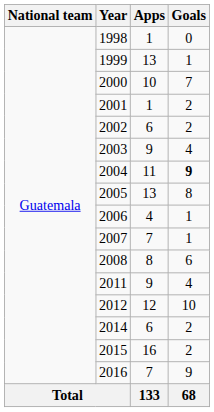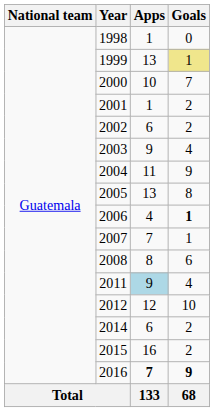 <table class=wikitable style="text-align: center">
 <tr>
 <th>National team</th>
 <th>Year</th>
 <th>Apps</th>
 <th>Goals</th>
 </tr>
 <tr>
 <td rowspan="16"><a href='#'>Guatemala</a></td>
 <td>1998</td>
 <td>1</td>
 <td>0</td>
 </tr>
 <tr>
 <td>1999</td>
 <td>13</td>
-<td>1</td>
+<td style="background: khaki;">1</td>
 </tr>
 <tr>
 <td>2000</td>
 <td>10</td>
 <td>7</td>
 </tr>
 <tr>
 <td>2001</td>
 <td>1</td>
 <td>2</td>
 </tr>
 <tr>
 <td>2002</td>
 <td>6</td>
 <td>2</td>
 </tr>
 <tr>
 <td>2003</td>
 <td>9</td>
 <td>4</td>
 </tr>
 <tr>
 <td>2004</td>
 <td>11</td>
-<td><strong>9</strong></td>
+<td>9</td>
 </tr>
 <tr>
 <td>2005</td>
 <td>13</td>
 <td>8</td>
 </tr>
 <tr>
 <td>2006</td>
 <td>4</td>
-<td>1</td>
+<td><strong>1</strong></td>
 </tr>
 <tr>
 <td>2007</td>
 <td>7</td>
 <td>1</td>
 </tr>
 <tr>
 <td>2008</td>
 <td>8</td>
 <td>6</td>
 </tr>
 <tr>
 <td>2011</td>
-<td>9</td>
+<td style="background: lightblue;">9</td>
 <td>4</td>
 </tr>
 <tr>
 <td>2012</td>
 <td>12</td>
 <td>10</td>
 </tr>
 <tr>
 <td>2014</td>
 <td>6</td>
 <td>2</td>
 </tr>
 <tr>
 <td>2015</td>
 <td>16</td>
 <td>2</td>
 </tr>
 <tr>
 <td>2016</td>
-<td>7</td>
-<td>9</td>
+<td><strong>7</strong></td>
+<td><strong>9</strong></td>
 </tr>
 <tr>
 <th colspan="2">Total</th>
 <th>133</th>
 <th>68</th>
 </tr>
 </table>
